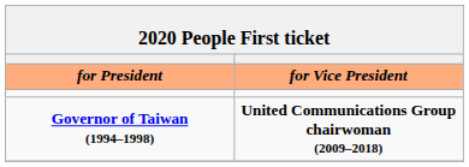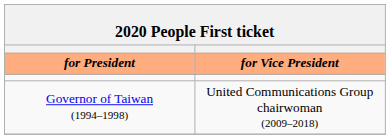 <table class="wikitable" style="font-size:90%; text-align:center;">
 <tr>
 <td colspan="28" style="background:#f1f1f1;"><br><big><strong>2020 People First ticket</strong></big></td>
 </tr>
 <tr>
 <th style="width:3em; font-size:135%; background:"></th>
 <th style="width:3em; font-size:135%; background:"></th>
 </tr>
 <tr style="color:#000; font-size:100%; background:#FFAC7F;">
 <td style="width:3em; width:200px;"><strong><em>for President</em></strong></td>
 <td style="width:3em; width:200px;"><strong><em>for Vice President</em></strong></td>
 </tr>
 <tr>
 <td></td>
 <td></td>
 </tr>
 <tr>
-<td><strong><a href='#'>Governor of Taiwan</a><br><small>(1994–1998)</small></strong></td>
-<td><strong>United Communications Group chairwoman <br><small>(2009–2018)</small></strong></td>
+<td><a href='#'>Governor of Taiwan</a><br><small>(1994–1998)</small></td>
+<td>United Communications Group chairwoman <br><small>(2009–2018)</small></td>
 </tr>
 <tr>
 </tr>
 </table>
